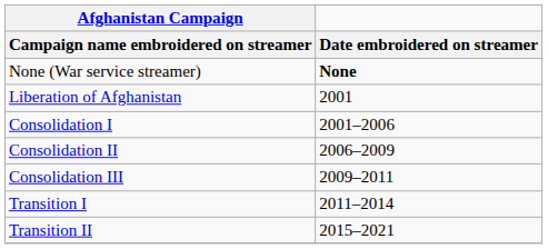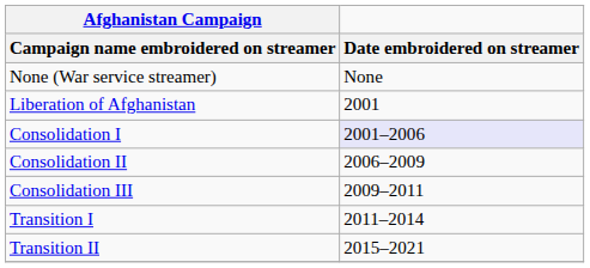 <table class="wikitable">
 <tr>
 <th><a href='#'>Afghanistan Campaign</a></th>
 <td colspan="2"></td>
 </tr>
 <tr>
 <th>Campaign name embroidered on streamer</th>
 <th>Date embroidered on streamer</th>
 </tr>
 <tr>
 <td>None (War service streamer)</td>
-<td><strong>None</strong></td>
+<td>None</td>
 </tr>
 <tr>
 <td><a href='#'>Liberation of Afghanistan</a></td>
 <td>2001</td>
 </tr>
 <tr>
 <td><a href='#'>Consolidation I</a></td>
-<td>2001–2006</td>
+<td style="background: lavender;">2001–2006</td>
 </tr>
 <tr>
 <td><a href='#'>Consolidation II</a></td>
 <td>2006–2009</td>
 </tr>
 <tr>
 <td><a href='#'>Consolidation III</a></td>
 <td>2009–2011</td>
 </tr>
 <tr>
 <td><a href='#'>Transition I</a></td>
 <td>2011–2014</td>
 </tr>
 <tr>
 <td><a href='#'>Transition II</a></td>
 <td>2015–2021</td>
 </tr>
 <tr>
 </tr>
 </table>
